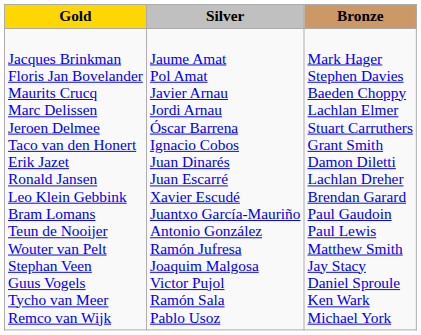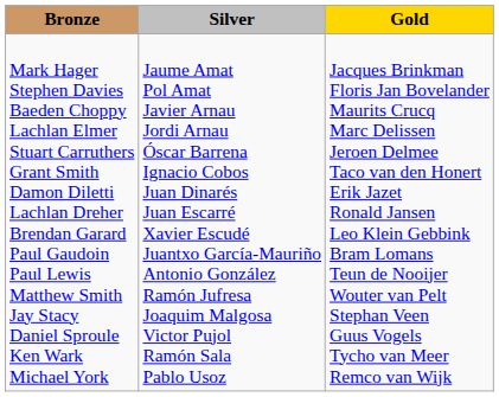 <table class=wikitable>
 <tr>
+<td align=center bgcolor=cc9966> <strong>Bronze</strong></td>
+<td align=center bgcolor=silver> <strong>Silver</strong></td>
 <td align=center bgcolor=gold> <strong>Gold</strong></td>
-<td align=center bgcolor=silver> <strong>Silver</strong></td>
-<td align=center bgcolor=cc9966> <strong>Bronze</strong></td>
 </tr>
 <tr>
+<td valign=top><br><a href='#'>Mark Hager</a><br><a href='#'>Stephen Davies</a><br><a href='#'>Baeden Choppy</a><br><a href='#'>Lachlan Elmer</a><br><a href='#'>Stuart Carruthers</a><br><a href='#'>Grant Smith</a><br><a href='#'>Damon Diletti</a><br><a href='#'>Lachlan Dreher</a><br><a href='#'>Brendan Garard</a><br><a href='#'>Paul Gaudoin</a><br><a href='#'>Paul Lewis</a><br><a href='#'>Matthew Smith</a><br><a href='#'>Jay Stacy</a><br><a href='#'>Daniel Sproule</a><br><a href='#'>Ken Wark</a><br><a href='#'>Michael York</a></td>
+<td valign=top><br><a href='#'>Jaume Amat</a><br><a href='#'>Pol Amat</a><br><a href='#'>Javier Arnau</a><br><a href='#'>Jordi Arnau</a><br><a href='#'>Óscar Barrena</a><br><a href='#'>Ignacio Cobos</a><br><a href='#'>Juan Dinarés</a><br><a href='#'>Juan Escarré</a><br><a href='#'>Xavier Escudé</a><br><a href='#'>Juantxo García-Mauriño</a><br><a href='#'>Antonio González</a><br><a href='#'>Ramón Jufresa</a><br><a href='#'>Joaquim Malgosa</a><br><a href='#'>Victor Pujol</a><br><a href='#'>Ramón Sala</a><br><a href='#'>Pablo Usoz</a></td>
 <td valign=top><br><a href='#'>Jacques Brinkman</a><br><a href='#'>Floris Jan Bovelander</a><br><a href='#'>Maurits Crucq</a><br><a href='#'>Marc Delissen</a><br><a href='#'>Jeroen Delmee</a><br><a href='#'>Taco van den Honert</a><br><a href='#'>Erik Jazet</a><br><a href='#'>Ronald Jansen</a><br><a href='#'>Leo Klein Gebbink</a><br><a href='#'>Bram Lomans</a><br><a href='#'>Teun de Nooijer</a><br><a href='#'>Wouter van Pelt</a><br><a href='#'>Stephan Veen</a><br><a href='#'>Guus Vogels</a><br><a href='#'>Tycho van Meer</a><br><a href='#'>Remco van Wijk</a></td>
-<td valign=top><br><a href='#'>Jaume Amat</a><br><a href='#'>Pol Amat</a><br><a href='#'>Javier Arnau</a><br><a href='#'>Jordi Arnau</a><br><a href='#'>Óscar Barrena</a><br><a href='#'>Ignacio Cobos</a><br><a href='#'>Juan Dinarés</a><br><a href='#'>Juan Escarré</a><br><a href='#'>Xavier Escudé</a><br><a href='#'>Juantxo García-Mauriño</a><br><a href='#'>Antonio González</a><br><a href='#'>Ramón Jufresa</a><br><a href='#'>Joaquim Malgosa</a><br><a href='#'>Victor Pujol</a><br><a href='#'>Ramón Sala</a><br><a href='#'>Pablo Usoz</a></td>
-<td valign=top><br><a href='#'>Mark Hager</a><br><a href='#'>Stephen Davies</a><br><a href='#'>Baeden Choppy</a><br><a href='#'>Lachlan Elmer</a><br><a href='#'>Stuart Carruthers</a><br><a href='#'>Grant Smith</a><br><a href='#'>Damon Diletti</a><br><a href='#'>Lachlan Dreher</a><br><a href='#'>Brendan Garard</a><br><a href='#'>Paul Gaudoin</a><br><a href='#'>Paul Lewis</a><br><a href='#'>Matthew Smith</a><br><a href='#'>Jay Stacy</a><br><a href='#'>Daniel Sproule</a><br><a href='#'>Ken Wark</a><br><a href='#'>Michael York</a></td>
 </tr>
 </table>
